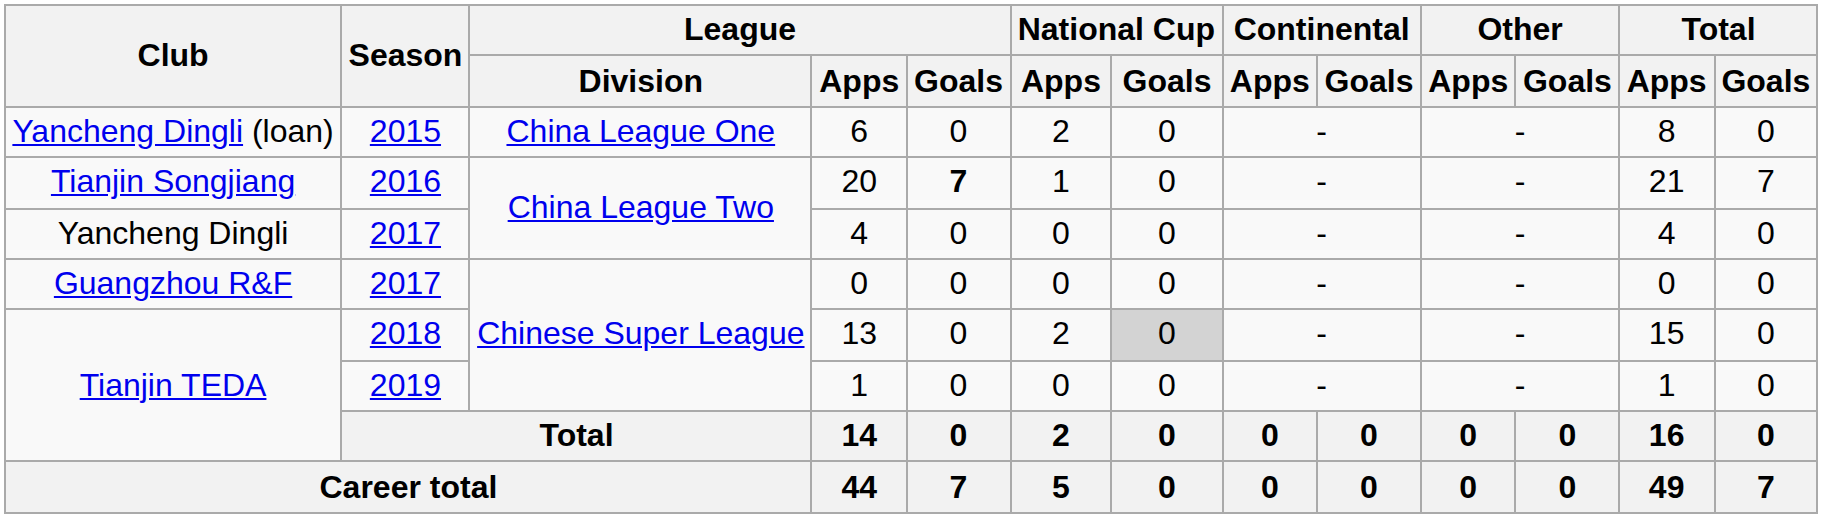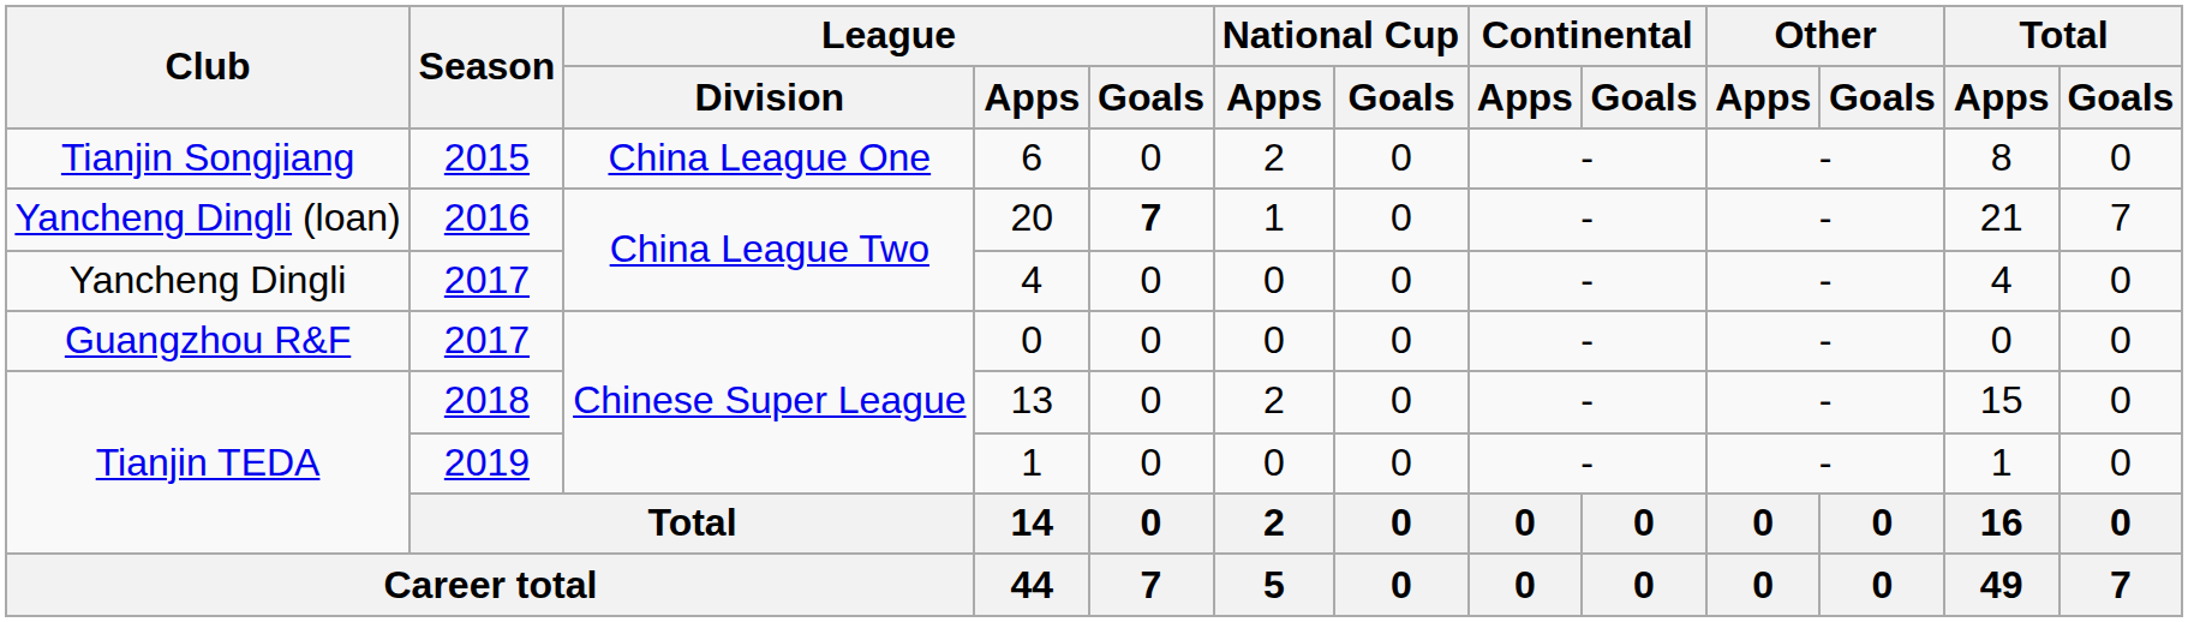 <table class="wikitable" style="text-align: center">
 <tr>
 <th rowspan="2">Club</th>
 <th rowspan="2">Season</th>
 <th colspan="3">League</th>
 <th colspan="2">National Cup</th>
 <th colspan="2">Continental</th>
 <th colspan="2">Other</th>
 <th colspan="2">Total</th>
 </tr>
 <tr>
 <th>Division</th>
 <th>Apps</th>
 <th>Goals</th>
 <th>Apps</th>
 <th>Goals</th>
 <th>Apps</th>
 <th>Goals</th>
 <th>Apps</th>
 <th>Goals</th>
 <th>Apps</th>
 <th>Goals</th>
 </tr>
 <tr>
-<td><a href='#'>Yancheng Dingli</a> (loan)</td>
+<td><a href='#'>Tianjin Songjiang</a></td>
 <td><a href='#'>2015</a></td>
 <td><a href='#'>China League One</a></td>
 <td>6</td>
 <td>0</td>
 <td>2</td>
 <td>0</td>
 <td colspan="2">-</td>
 <td colspan="2">-</td>
 <td>8</td>
 <td>0</td>
 </tr>
 <tr>
-<td><a href='#'>Tianjin Songjiang</a></td>
+<td><a href='#'>Yancheng Dingli</a> (loan)</td>
 <td><a href='#'>2016</a></td>
 <td rowspan="2"><a href='#'>China League Two</a></td>
 <td>20</td>
 <td><strong>7</strong></td>
 <td>1</td>
 <td>0</td>
 <td colspan="2">-</td>
 <td colspan="2">-</td>
 <td>21</td>
 <td>7</td>
 </tr>
 <tr>
 <td>Yancheng Dingli</td>
 <td><a href='#'>2017</a></td>
 <td>4</td>
 <td>0</td>
 <td>0</td>
 <td>0</td>
 <td colspan="2">-</td>
 <td colspan="2">-</td>
 <td>4</td>
 <td>0</td>
 </tr>
 <tr>
 <td><a href='#'>Guangzhou R&F</a></td>
 <td><a href='#'>2017</a></td>
 <td rowspan="3"><a href='#'>Chinese Super League</a></td>
 <td>0</td>
 <td>0</td>
 <td>0</td>
 <td>0</td>
 <td colspan="2">-</td>
 <td colspan="2">-</td>
 <td>0</td>
 <td>0</td>
 </tr>
 <tr>
 <td rowspan=3><a href='#'>Tianjin TEDA</a></td>
 <td><a href='#'>2018</a></td>
 <td>13</td>
 <td>0</td>
 <td>2</td>
-<td style="background: lightgrey;">0</td>
+<td>0</td>
 <td colspan="2">-</td>
 <td colspan="2">-</td>
 <td>15</td>
 <td>0</td>
 </tr>
 <tr>
 <td><a href='#'>2019</a></td>
 <td>1</td>
 <td>0</td>
 <td>0</td>
 <td>0</td>
 <td colspan="2">-</td>
 <td colspan="2">-</td>
 <td>1</td>
 <td>0</td>
 </tr>
 <tr>
 <th colspan=2>Total</th>
 <th>14</th>
 <th>0</th>
 <th>2</th>
 <th>0</th>
 <th>0</th>
 <th>0</th>
 <th>0</th>
 <th>0</th>
 <th>16</th>
 <th>0</th>
 </tr>
 <tr>
 <th colspan=3>Career total</th>
 <th>44</th>
 <th>7</th>
 <th>5</th>
 <th>0</th>
 <th>0</th>
 <th>0</th>
 <th>0</th>
 <th>0</th>
 <th>49</th>
 <th>7</th>
 </tr>
 </table>
